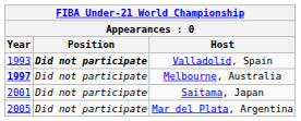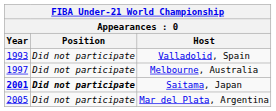 <table class="wikitable" style="text-align: center;font-size:100%;">
 <tr>
 <th colspan=20><a href='#'>FIBA Under-21 World Championship</a></th>
 </tr>
 <tr>
 <th colspan=20>Appearances : 0</th>
 </tr>
 <tr>
 <th>Year</th>
 <th>Position</th>
 <th>Host</th>
 </tr>
 <tr valign="top" bgcolor=>
 <td> <a href='#'>1993</a></td>
-<td><strong><em>Did not participate</em></strong></td>
+<td><em>Did not participate</em></td>
 <td><a href='#'>Valladolid</a>, Spain</td>
 </tr>
 <tr valign="top" bgcolor=>
-<td><strong> <a href='#'>1997</a></strong></td>
+<td> <a href='#'>1997</a></td>
 <td><em>Did not participate</em></td>
 <td><a href='#'>Melbourne</a>, Australia</td>
 </tr>
 <tr valign="top" bgcolor=>
-<td> <a href='#'>2001</a></td>
-<td><em>Did not participate</em></td>
+<td><strong> <a href='#'>2001</a></strong></td>
+<td><strong><em>Did not participate</em></strong></td>
 <td><a href='#'>Saitama</a>, Japan</td>
 </tr>
 <tr valign="top" bgcolor=>
 <td> <a href='#'>2005</a></td>
 <td><em>Did not participate</em></td>
 <td><a href='#'>Mar del Plata</a>, Argentina</td>
 </tr>
 </table>
